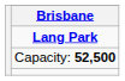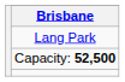 <table class="wikitable" style="text-align:center">
 <tr>
 <th rowspan="8"></th>
 </tr>
 <tr>
 <th><a href='#'>Brisbane</a></th>
 </tr>
 <tr>
-<td><strong><a href='#'>Lang Park</a></strong></td>
+<td><a href='#'>Lang Park</a></td>
 </tr>
 <tr>
 <td>Capacity: <strong>52,500</strong></td>
 </tr>
 <tr>
 <td></td>
 </tr>
 </table>
